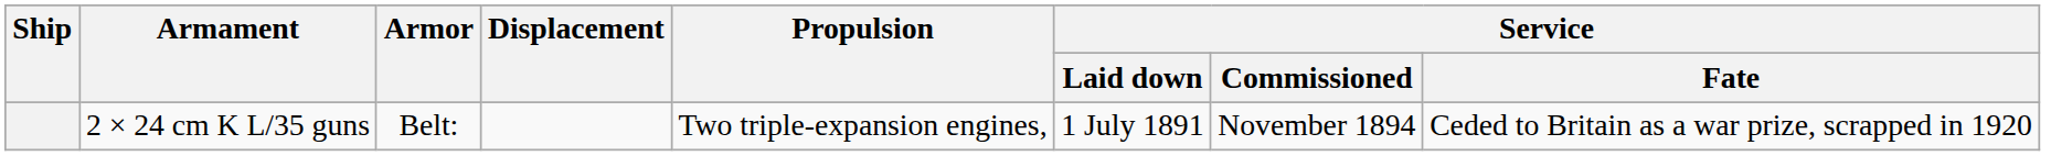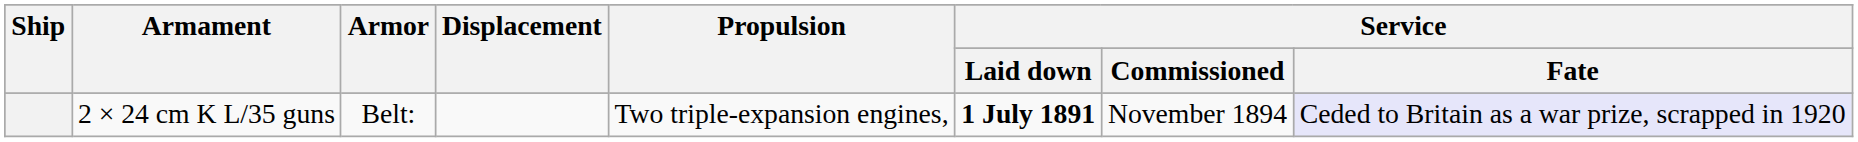 <table class="wikitable plainrowheaders" style="text-align: center;">
 <tr valign="top">
 <th scope="col" rowspan="2">Ship</th>
 <th scope="col" rowspan="2">Armament</th>
 <th scope="col" rowspan="2">Armor</th>
 <th scope="col" rowspan="2">Displacement</th>
 <th scope="col" rowspan="2">Propulsion</th>
 <th scope="col" colspan="3">Service</th>
 </tr>
 <tr valign="top">
 <th scope="col">Laid down</th>
 <th scope="col">Commissioned</th>
 <th scope="col">Fate</th>
 </tr>
 <tr valign="center">
 <th scope="row"></th>
 <td>2 × 24 cm K L/35 guns</td>
 <td>Belt: </td>
 <td></td>
 <td>Two triple-expansion engines, </td>
-<td>1 July 1891</td>
+<td><strong>1 July 1891</strong></td>
 <td>November 1894</td>
-<td>Ceded to Britain as a war prize, scrapped in 1920</td>
+<td style="background: lavender;">Ceded to Britain as a war prize, scrapped in 1920</td>
 </tr>
 </table>
